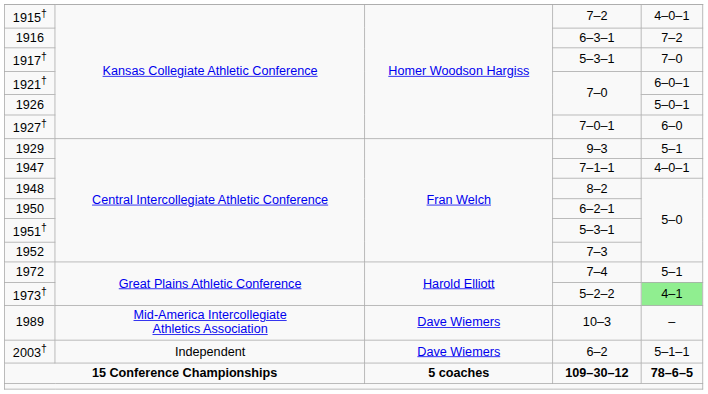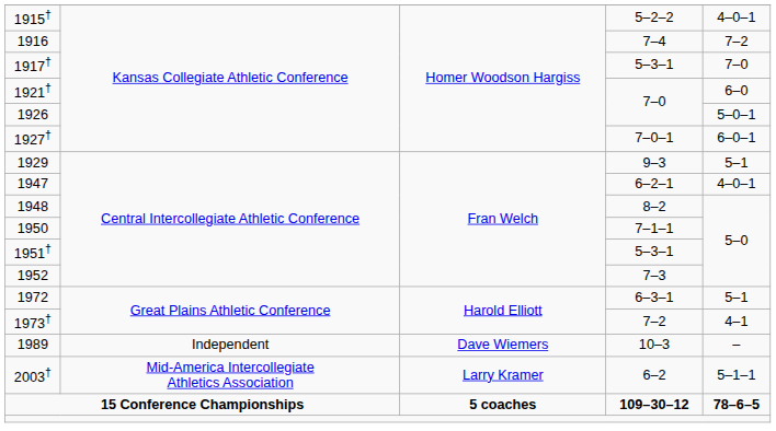 <table class="wikitable" style="width:70%;">
 <tr>
 </tr>
 <tr style="text-align:center;">
 <td>1915<sup>†</sup></td>
 <td rowspan="6"><a href='#'>Kansas Collegiate Athletic Conference</a></td>
 <td rowspan="6"><a href='#'>Homer Woodson Hargiss</a></td>
-<td>7–2</td>
+<td>5–2–2</td>
 <td>4–0–1</td>
 </tr>
 <tr style="text-align:center;">
 <td>1916</td>
-<td>6–3–1</td>
+<td>7–4</td>
 <td>7–2</td>
 </tr>
 <tr style="text-align:center;">
 <td>1917<sup>†</sup></td>
 <td>5–3–1</td>
 <td>7–0</td>
 </tr>
 <tr style="text-align:center;">
 <td>1921<sup>†</sup></td>
 <td rowspan="2">7–0</td>
-<td>6–0–1</td>
+<td>6–0</td>
 </tr>
 <tr style="text-align:center;">
 <td>1926</td>
 <td>5–0–1</td>
 </tr>
 <tr style="text-align:center;">
 <td>1927<sup>†</sup></td>
 <td>7–0–1</td>
-<td>6–0</td>
+<td>6–0–1</td>
 </tr>
 <tr style="text-align:center;">
 <td>1929</td>
 <td rowspan="6"><a href='#'>Central Intercollegiate Athletic Conference</a></td>
 <td rowspan="6"><a href='#'>Fran Welch</a></td>
 <td>9–3</td>
 <td>5–1</td>
 </tr>
 <tr style="text-align:center;">
 <td>1947</td>
-<td>7–1–1</td>
+<td>6–2–1</td>
 <td>4–0–1</td>
 </tr>
 <tr style="text-align:center;">
 <td>1948</td>
 <td>8–2</td>
 <td rowspan="4">5–0</td>
 </tr>
 <tr style="text-align:center;">
 <td>1950</td>
-<td>6–2–1</td>
+<td>7–1–1</td>
 </tr>
 <tr style="text-align:center;">
 <td>1951<sup>†</sup></td>
 <td>5–3–1</td>
 </tr>
 <tr style="text-align:center;">
 <td>1952</td>
 <td>7–3</td>
 </tr>
 <tr style="text-align:center;">
 <td>1972</td>
 <td rowspan="2"><a href='#'>Great Plains Athletic Conference</a></td>
 <td rowspan="2"><a href='#'>Harold Elliott</a></td>
-<td>7–4</td>
+<td>6–3–1</td>
 <td>5–1</td>
 </tr>
 <tr style="text-align:center;">
 <td>1973<sup>†</sup></td>
-<td>5–2–2</td>
-<td style="background: lightgreen;">4–1</td>
+<td>7–2</td>
+<td>4–1</td>
 </tr>
 <tr style="text-align:center;">
 <td>1989</td>
-<td><a href='#'>Mid-America Intercollegiate<br>Athletics Association</a></td>
+<td>Independent</td>
 <td><a href='#'>Dave Wiemers</a></td>
 <td>10–3</td>
 <td>–</td>
 </tr>
 <tr style="text-align:center;">
 <td>2003<sup>†</sup></td>
-<td>Independent</td>
-<td><a href='#'>Dave Wiemers</a></td>
+<td><a href='#'>Mid-America Intercollegiate<br>Athletics Association</a></td>
+<td><a href='#'>Larry Kramer</a></td>
 <td>6–2</td>
 <td>5–1–1</td>
 </tr>
 <tr style="text-align:center; ">
 <td colspan="2"><strong>15 Conference Championships</strong></td>
 <td><strong>5 coaches</strong></td>
 <td><strong>109–30–12</strong></td>
 <td><strong>78–6–5</strong></td>
 </tr>
 <tr>
 <td colspan=5></td>
 </tr>
 </table>
